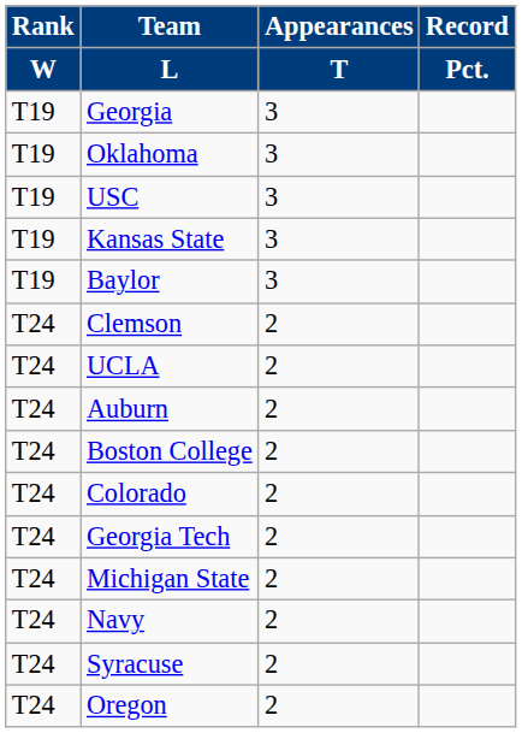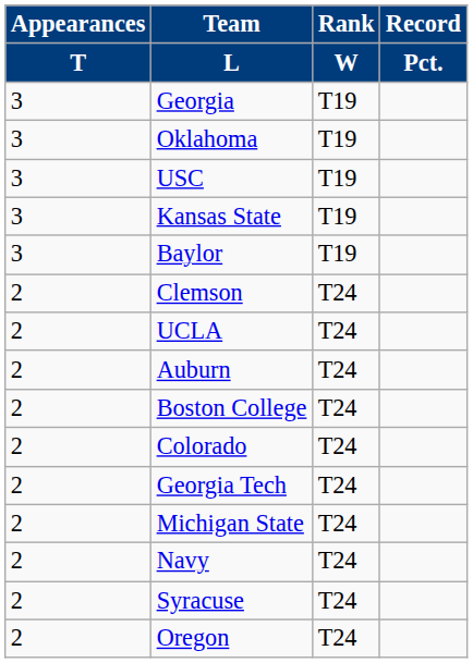 <table class = "wikitable sortable">
 <tr>
+<th style="background:#003B7B; color:#FFFFFF; ">Appearances</th>
+<th style="background:#003B7B; color:#FFFFFF; ">Team</th>
 <th style="background:#003B7B; color:#FFFFFF; ">Rank</th>
-<th style="background:#003B7B; color:#FFFFFF; ">Team</th>
-<th style="background:#003B7B; color:#FFFFFF; ">Appearances</th>
 <th style="background:#003B7B; color:#FFFFFF; ">Record</th>
 </tr>
 <tr>
+<th style="background:#003B7B; color:#FFFFFF; ">T</th>
+<th style="background:#003B7B; color:#FFFFFF; ">L</th>
 <th style="background:#003B7B; color:#FFFFFF; ">W</th>
-<th style="background:#003B7B; color:#FFFFFF; ">L</th>
-<th style="background:#003B7B; color:#FFFFFF; ">T</th>
 <th style="background:#003B7B; color:#FFFFFF; ">Pct.</th>
 </tr>
 <tr>
+<td>3</td>
+<td><a href='#'>Georgia</a></td>
 <td>T19</td>
-<td><a href='#'>Georgia</a></td>
-<td>3</td>
 <td></td>
 </tr>
 <tr>
+<td>3</td>
+<td><a href='#'>Oklahoma</a></td>
 <td>T19</td>
-<td><a href='#'>Oklahoma</a></td>
-<td>3</td>
 <td></td>
 </tr>
 <tr>
+<td>3</td>
+<td><a href='#'>USC</a></td>
 <td>T19</td>
-<td><a href='#'>USC</a></td>
-<td>3</td>
 <td></td>
 </tr>
 <tr>
+<td>3</td>
+<td><a href='#'>Kansas State</a></td>
 <td>T19</td>
-<td><a href='#'>Kansas State</a></td>
-<td>3</td>
 <td></td>
 </tr>
 <tr>
+<td>3</td>
+<td><a href='#'>Baylor</a></td>
 <td>T19</td>
-<td><a href='#'>Baylor</a></td>
-<td>3</td>
 <td></td>
 </tr>
 <tr>
+<td>2</td>
+<td><a href='#'>Clemson</a></td>
 <td>T24</td>
-<td><a href='#'>Clemson</a></td>
-<td>2</td>
 <td></td>
 </tr>
 <tr>
+<td>2</td>
+<td><a href='#'>UCLA</a></td>
 <td>T24</td>
-<td><a href='#'>UCLA</a></td>
-<td>2</td>
 <td></td>
 </tr>
 <tr>
+<td>2</td>
+<td><a href='#'>Auburn</a></td>
 <td>T24</td>
-<td><a href='#'>Auburn</a></td>
-<td>2</td>
 <td></td>
 </tr>
 <tr>
+<td>2</td>
+<td><a href='#'>Boston College</a></td>
 <td>T24</td>
-<td><a href='#'>Boston College</a></td>
-<td>2</td>
 <td></td>
 </tr>
 <tr>
+<td>2</td>
+<td><a href='#'>Colorado</a></td>
 <td>T24</td>
-<td><a href='#'>Colorado</a></td>
-<td>2</td>
 <td></td>
 </tr>
 <tr>
+<td>2</td>
+<td><a href='#'>Georgia Tech</a></td>
 <td>T24</td>
-<td><a href='#'>Georgia Tech</a></td>
-<td>2</td>
 <td></td>
 </tr>
 <tr>
+<td>2</td>
+<td><a href='#'>Michigan State</a></td>
 <td>T24</td>
-<td><a href='#'>Michigan State</a></td>
-<td>2</td>
 <td></td>
 </tr>
 <tr>
+<td>2</td>
+<td><a href='#'>Navy</a></td>
 <td>T24</td>
-<td><a href='#'>Navy</a></td>
-<td>2</td>
 <td></td>
 </tr>
 <tr>
+<td>2</td>
+<td><a href='#'>Syracuse</a></td>
 <td>T24</td>
-<td><a href='#'>Syracuse</a></td>
-<td>2</td>
 <td></td>
 </tr>
 <tr>
+<td>2</td>
+<td><a href='#'>Oregon</a></td>
 <td>T24</td>
-<td><a href='#'>Oregon</a></td>
-<td>2</td>
 <td></td>
 </tr>
 </table>
